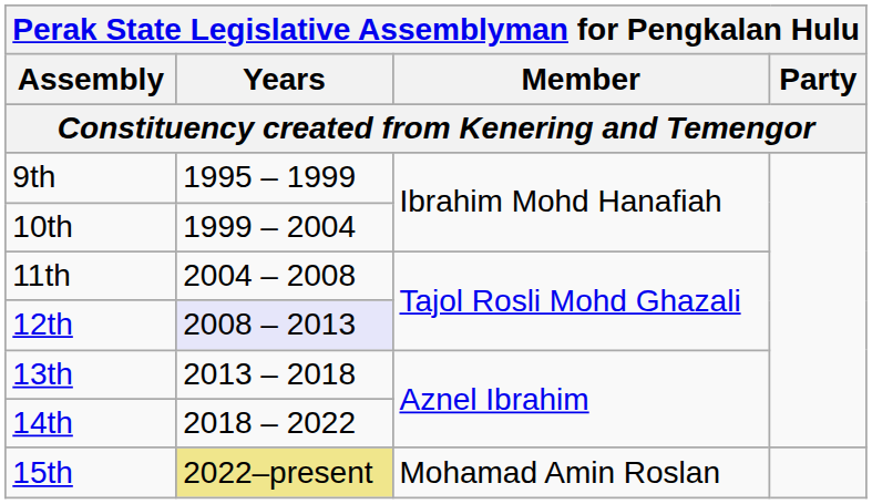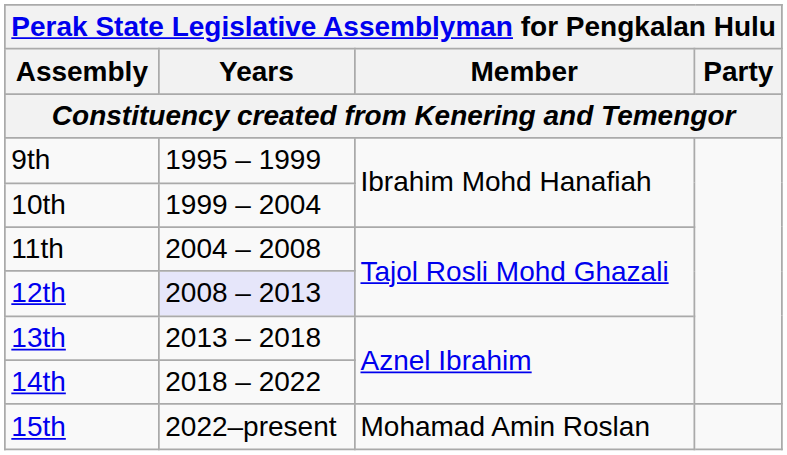 <table class="wikitable">
 <tr>
 <th colspan="4"><a href='#'>Perak State Legislative Assemblyman</a> for Pengkalan Hulu</th>
 </tr>
 <tr>
 <th>Assembly</th>
 <th>Years</th>
 <th>Member</th>
 <th>Party</th>
 </tr>
 <tr>
 <th colspan="4" align="center"><em>Constituency created from Kenering and Temengor</em></th>
 </tr>
 <tr>
 <td>9th</td>
 <td>1995 – 1999</td>
 <td rowspan="2">Ibrahim Mohd Hanafiah</td>
 <td rowspan="6"></td>
 </tr>
 <tr>
 <td>10th</td>
 <td>1999 – 2004</td>
 </tr>
 <tr>
 <td>11th</td>
 <td>2004 – 2008</td>
 <td rowspan="2"><a href='#'>Tajol Rosli Mohd Ghazali</a></td>
 </tr>
 <tr>
 <td><a href='#'>12th</a></td>
 <td style="background: lavender;">2008 – 2013</td>
 </tr>
 <tr>
 <td><a href='#'>13th</a></td>
 <td>2013 – 2018</td>
 <td rowspan="2"><a href='#'>Aznel Ibrahim</a></td>
 </tr>
 <tr>
 <td><a href='#'>14th</a></td>
 <td>2018 – 2022</td>
 </tr>
 <tr>
 <td><a href='#'>15th</a></td>
-<td style="background: khaki;">2022–present</td>
+<td>2022–present</td>
 <td>Mohamad Amin Roslan</td>
 <td></td>
 </tr>
 </table>
